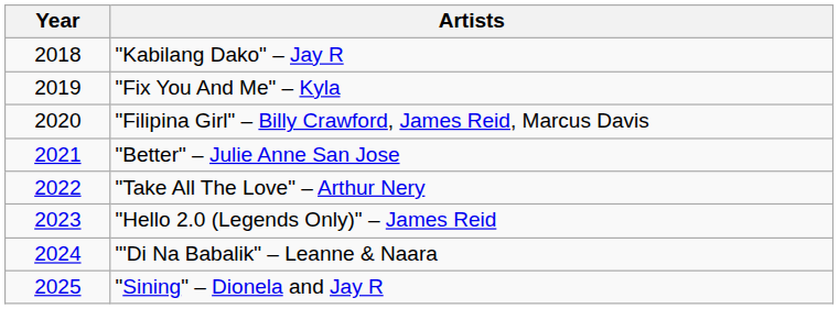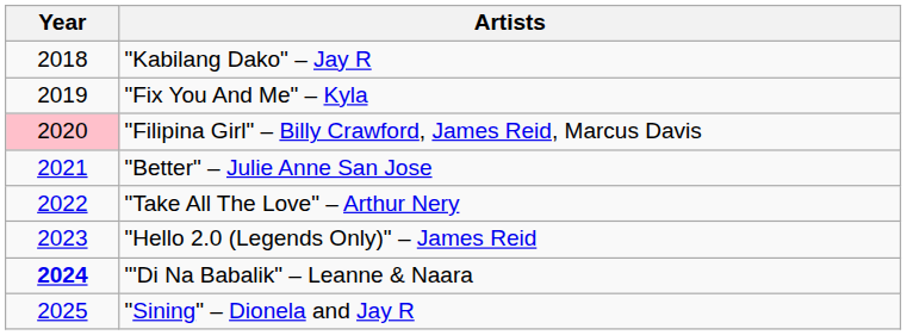 <table class="wikitable sortable"  style="width:50%;">
 <tr>
 <th width=5%  scope="col">Year</th>
 <th ! width=40%  scope="col">Artists</th>
 </tr>
 <tr>
 <td align="center">2018</td>
 <td>"Kabilang Dako" – <a href='#'>Jay R</a></td>
 </tr>
 <tr>
 <td align="center">2019</td>
 <td>"Fix You And Me" – <a href='#'>Kyla</a></td>
 </tr>
 <tr>
-<td align="center">2020</td>
+<td align="center" style="background: pink;">2020</td>
 <td>"Filipina Girl" – <a href='#'>Billy Crawford</a>, <a href='#'>James Reid</a>, Marcus Davis</td>
 </tr>
 <tr>
 <td align="center"><a href='#'>2021</a></td>
 <td>"Better" – <a href='#'>Julie Anne San Jose</a></td>
 </tr>
 <tr>
 <td align="center"><a href='#'>2022</a></td>
 <td>"Take All The Love" – <a href='#'>Arthur Nery</a></td>
 </tr>
 <tr>
 <td align="center"><a href='#'>2023</a></td>
 <td>"Hello 2.0 (Legends Only)" – <a href='#'>James Reid</a></td>
 </tr>
 <tr>
-<td align="center"><a href='#'>2024</a></td>
+<td align="center"><strong><a href='#'>2024</a></strong></td>
 <td>"'Di Na Babalik" – Leanne & Naara</td>
 </tr>
 <tr>
 <td align="center"><a href='#'>2025</a></td>
 <td>"<a href='#'>Sining</a>" – <a href='#'>Dionela</a> and <a href='#'>Jay R</a></td>
 </tr>
 </table>
